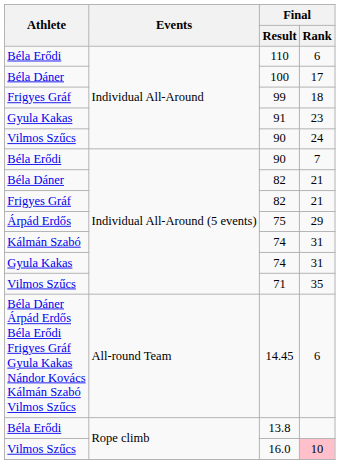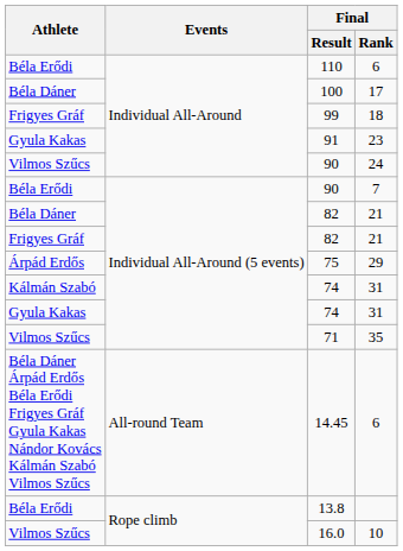 <table class=wikitable style="font-size:90%">
 <tr>
 <th rowspan="2">Athlete</th>
 <th rowspan="2">Events</th>
 <th colspan="2">Final</th>
 </tr>
 <tr>
 <th>Result</th>
 <th>Rank</th>
 </tr>
 <tr>
 <td><a href='#'>Béla Erődi</a></td>
 <td rowspan=5>Individual All-Around</td>
 <td align="center">110</td>
 <td align="center">6</td>
 </tr>
 <tr>
 <td><a href='#'>Béla Dáner</a></td>
 <td align="center">100</td>
 <td align="center">17</td>
 </tr>
 <tr>
 <td><a href='#'>Frigyes Gráf</a></td>
 <td align="center">99</td>
 <td align="center">18</td>
 </tr>
 <tr>
 <td><a href='#'>Gyula Kakas</a></td>
 <td align="center">91</td>
 <td align="center">23</td>
 </tr>
 <tr>
 <td><a href='#'>Vilmos Szűcs</a></td>
 <td align="center">90</td>
 <td align="center">24</td>
 </tr>
 <tr>
 <td><a href='#'>Béla Erődi</a></td>
 <td rowspan=7>Individual All-Around (5 events)</td>
 <td align="center">90</td>
 <td align="center">7</td>
 </tr>
 <tr>
 <td><a href='#'>Béla Dáner</a></td>
 <td align="center">82</td>
 <td align="center">21</td>
 </tr>
 <tr>
 <td><a href='#'>Frigyes Gráf</a></td>
 <td align="center">82</td>
 <td align="center">21</td>
 </tr>
 <tr>
 <td><a href='#'>Árpád Erdős</a></td>
 <td align="center">75</td>
 <td align="center">29</td>
 </tr>
 <tr>
 <td><a href='#'>Kálmán Szabó</a></td>
 <td align="center">74</td>
 <td align="center">31</td>
 </tr>
 <tr>
 <td><a href='#'>Gyula Kakas</a></td>
 <td align="center">74</td>
 <td align="center">31</td>
 </tr>
 <tr>
 <td><a href='#'>Vilmos Szűcs</a></td>
 <td align="center">71</td>
 <td align="center">35</td>
 </tr>
 <tr>
 <td><a href='#'>Béla Dáner</a><br><a href='#'>Árpád Erdős</a><br><a href='#'>Béla Erődi</a><br><a href='#'>Frigyes Gráf</a><br><a href='#'>Gyula Kakas</a><br><a href='#'>Nándor Kovács</a><br><a href='#'>Kálmán Szabó</a><br><a href='#'>Vilmos Szűcs</a></td>
 <td>All-round Team</td>
 <td align="center">14.45</td>
 <td align="center">6</td>
 </tr>
 <tr>
 <td><a href='#'>Béla Erődi</a></td>
 <td rowspan=2>Rope climb</td>
 <td align="center">13.8</td>
 <td align="center"></td>
 </tr>
 <tr>
 <td><a href='#'>Vilmos Szűcs</a></td>
 <td align="center">16.0</td>
-<td align="center" style="background: pink;">10</td>
+<td align="center">10</td>
 </tr>
 </table>
